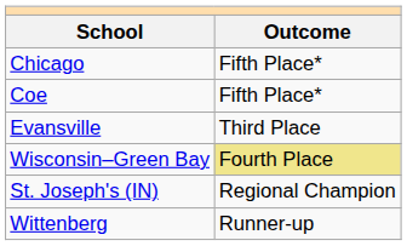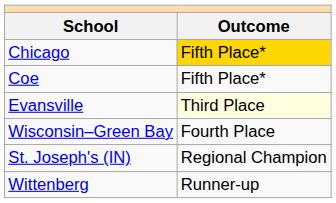 <table class="wikitable" style="float:left; margin-right:1em;">
 <tr>
 <th colspan="3" style="background:#ffdead;"></th>
 </tr>
 <tr>
 <th>School</th>
 <th>Outcome</th>
 </tr>
 <tr>
 <td><a href='#'>Chicago</a></td>
-<td>Fifth Place*</td>
+<td style="background: gold;">Fifth Place*</td>
 </tr>
 <tr>
 <td><a href='#'>Coe</a></td>
 <td>Fifth Place*</td>
 </tr>
 <tr>
 <td><a href='#'>Evansville</a></td>
-<td>Third Place</td>
+<td style="background: lightyellow;">Third Place</td>
 </tr>
 <tr>
 <td><a href='#'>Wisconsin–Green Bay</a></td>
-<td style="background: khaki;">Fourth Place</td>
+<td>Fourth Place</td>
 </tr>
 <tr>
 <td><a href='#'>St. Joseph's (IN)</a></td>
 <td>Regional Champion</td>
 </tr>
 <tr>
 <td><a href='#'>Wittenberg</a></td>
 <td>Runner-up</td>
 </tr>
 </table>
